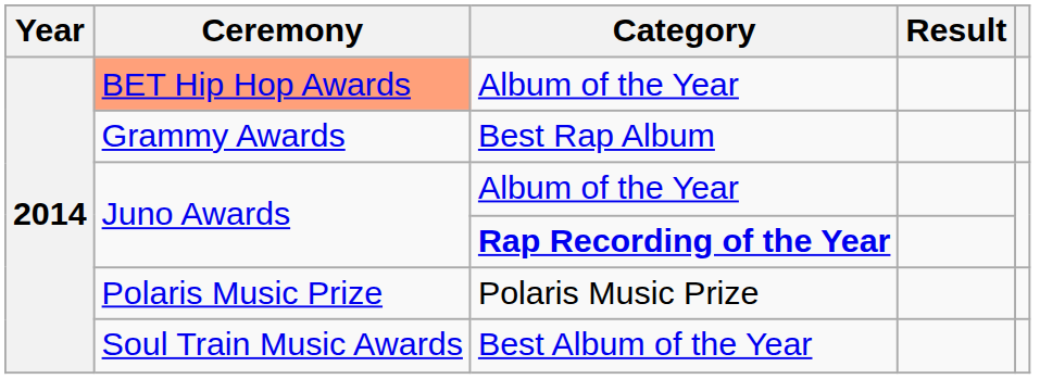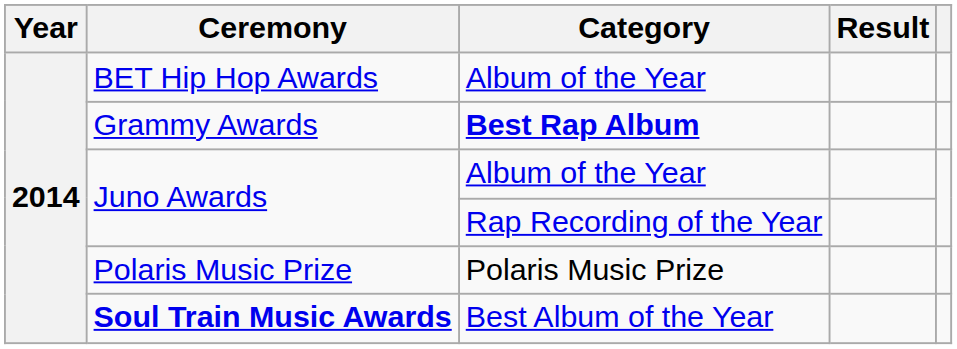 <table class="wikitable sortable plainrowheaders" style="border:none; margin:0;">
 <tr>
 <th scope="col">Year</th>
 <th scope="col">Ceremony</th>
 <th scope="col">Category</th>
 <th scope="col">Result</th>
 <th scope="col" class="unsortable"></th>
 </tr>
 <tr>
 <th scope="row" rowspan="6">2014</th>
-<td style="background: lightsalmon;"><a href='#'>BET Hip Hop Awards</a></td>
+<td><a href='#'>BET Hip Hop Awards</a></td>
 <td><a href='#'>Album of the Year</a></td>
 <td></td>
 <td style="text-align:center;"></td>
 </tr>
 <tr>
 <td><a href='#'>Grammy Awards</a></td>
-<td><a href='#'>Best Rap Album</a></td>
+<td><strong><a href='#'>Best Rap Album</a></strong></td>
 <td></td>
 <td style="text-align:center;"></td>
 </tr>
 <tr>
 <td rowspan="2"><a href='#'>Juno Awards</a></td>
 <td><a href='#'>Album of the Year</a></td>
 <td></td>
 <td rowspan="2" style="text-align:center;"></td>
 </tr>
 <tr>
-<td><strong><a href='#'>Rap Recording of the Year</a></strong></td>
+<td><a href='#'>Rap Recording of the Year</a></td>
 <td></td>
 </tr>
 <tr>
 <td><a href='#'>Polaris Music Prize</a></td>
 <td>Polaris Music Prize</td>
 <td></td>
 <td style="text-align:center;"></td>
 </tr>
 <tr>
-<td><a href='#'>Soul Train Music Awards</a></td>
+<td><strong><a href='#'>Soul Train Music Awards</a></strong></td>
 <td><a href='#'>Best Album of the Year</a></td>
 <td></td>
 <td style="text-align:center;"></td>
 </tr>
 </table>
